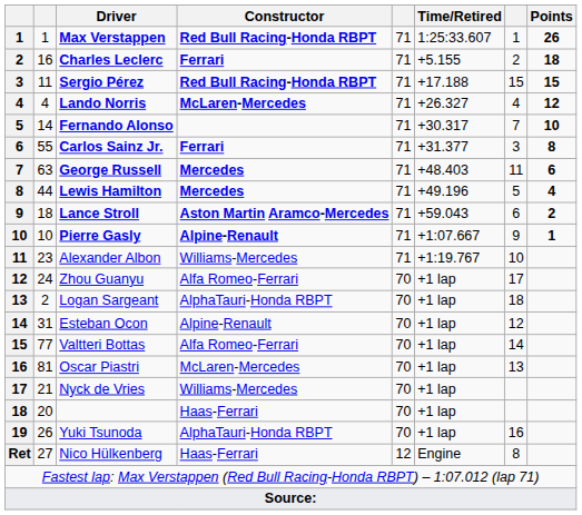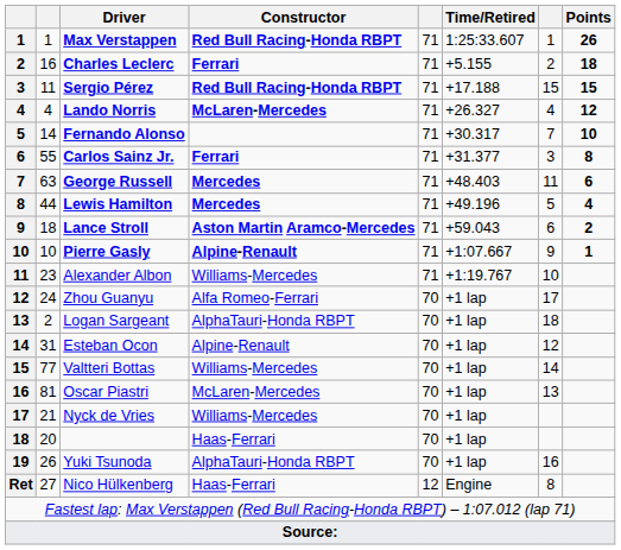 <table class="wikitable sortable" style="font-size: 85%;">
 <tr>
 <th scope="col"></th>
 <th scope="col"></th>
 <th scope="col">Driver</th>
 <th scope="col">Constructor</th>
 <th class="unsortable" scope="col"></th>
 <th class="unsortable" scope="col">Time/Retired</th>
 <th scope="col"></th>
 <th scope="col">Points</th>
 </tr>
 <tr>
 <th>1</th>
 <td align="center">1</td>
 <td data-sort-value="ver"><strong> <a href='#'>Max Verstappen</a></strong></td>
 <td><strong><a href='#'>Red Bull Racing</a>-<a href='#'>Honda RBPT</a></strong></td>
 <td>71</td>
 <td>1:25:33.607</td>
 <td align="center">1</td>
 <td align="center"><strong>26</strong></td>
 </tr>
 <tr>
 <th>2</th>
 <td align="center">16</td>
 <td data-sort-value="lec"><strong> <a href='#'>Charles Leclerc</a></strong></td>
 <td><strong><a href='#'>Ferrari</a></strong></td>
 <td>71</td>
 <td>+5.155</td>
 <td align="center">2</td>
 <td align="center"><strong>18</strong></td>
 </tr>
 <tr>
 <th>3</th>
 <td align="center">11</td>
 <td data-sort-value="per"><strong> <a href='#'>Sergio Pérez</a></strong></td>
 <td><strong><a href='#'>Red Bull Racing</a>-<a href='#'>Honda RBPT</a></strong></td>
 <td>71</td>
 <td>+17.188</td>
 <td align="center">15</td>
 <td align="center"><strong>15</strong></td>
 </tr>
 <tr>
 <th>4</th>
 <td align="center">4</td>
 <td data-sort-value="nor"><strong> <a href='#'>Lando Norris</a></strong></td>
 <td><strong><a href='#'>McLaren</a>-<a href='#'>Mercedes</a></strong></td>
 <td>71</td>
 <td>+26.327</td>
 <td align="center">4</td>
 <td align="center"><strong>12</strong></td>
 </tr>
 <tr>
 <th>5</th>
 <td align="center">14</td>
 <td data-sort-value="alo"><strong> <a href='#'>Fernando Alonso</a></strong></td>
 <td><strong></strong></td>
 <td>71</td>
 <td>+30.317</td>
 <td align="center">7</td>
 <td align="center"><strong>10</strong></td>
 </tr>
 <tr>
 <th>6</th>
 <td align="center">55</td>
 <td data-sort-value="sai"><strong> <a href='#'>Carlos Sainz Jr.</a></strong></td>
 <td><strong><a href='#'>Ferrari</a></strong></td>
 <td>71</td>
 <td>+31.377</td>
 <td align="center">3</td>
 <td align="center"><strong>8</strong></td>
 </tr>
 <tr>
 <th>7</th>
 <td align="center">63</td>
 <td data-sort-value="rus"><strong> <a href='#'>George Russell</a></strong></td>
 <td><strong><a href='#'>Mercedes</a></strong></td>
 <td>71</td>
 <td>+48.403</td>
 <td align="center">11</td>
 <td align="center"><strong>6</strong></td>
 </tr>
 <tr>
 <th>8</th>
 <td align="center">44</td>
 <td data-sort-value="ham"><strong> <a href='#'>Lewis Hamilton</a></strong></td>
 <td><strong><a href='#'>Mercedes</a></strong></td>
 <td>71</td>
 <td>+49.196</td>
 <td align="center">5</td>
 <td align="center"><strong>4</strong></td>
 </tr>
 <tr>
 <th>9</th>
 <td align="center">18</td>
 <td data-sort-value="str"><strong> <a href='#'>Lance Stroll</a></strong></td>
 <td><strong><a href='#'>Aston Martin</a> <a href='#'>Aramco</a>-<a href='#'>Mercedes</a></strong></td>
 <td>71</td>
 <td>+59.043</td>
 <td align="center">6</td>
 <td align="center"><strong>2</strong></td>
 </tr>
 <tr>
 <th>10</th>
 <td align="center">10</td>
 <td data-sort-value="gas"> <strong><a href='#'>Pierre Gasly</a></strong></td>
 <td><strong><a href='#'>Alpine</a>-<a href='#'>Renault</a></strong></td>
 <td>71</td>
 <td>+1:07.667</td>
 <td align="center">9</td>
 <td align="center"><strong>1</strong></td>
 </tr>
 <tr>
 <th>11</th>
 <td align="center">23</td>
 <td data-sort-value="alb"> <a href='#'>Alexander Albon</a></td>
 <td><a href='#'>Williams</a>-<a href='#'>Mercedes</a></td>
 <td>71</td>
 <td>+1:19.767</td>
 <td align="center">10</td>
 <td></td>
 </tr>
 <tr>
 <th>12</th>
 <td align="center">24</td>
 <td data-sort-value="zho"> <a href='#'>Zhou Guanyu</a></td>
 <td><a href='#'>Alfa Romeo</a>-<a href='#'>Ferrari</a></td>
 <td>70</td>
 <td>+1 lap</td>
 <td align="center">17</td>
 <td></td>
 </tr>
 <tr>
 <th>13</th>
 <td align="center">2</td>
 <td data-sort-value="sar"> <a href='#'>Logan Sargeant</a></td>
 <td><a href='#'>AlphaTauri</a>-<a href='#'>Honda RBPT</a></td>
 <td>70</td>
 <td>+1 lap</td>
 <td align="center">18</td>
 <td></td>
 </tr>
 <tr>
 <th>14</th>
 <td align="center">31</td>
 <td data-sort-value="oco"> <a href='#'>Esteban Ocon</a></td>
 <td><a href='#'>Alpine</a>-<a href='#'>Renault</a></td>
 <td>70</td>
 <td>+1 lap</td>
 <td align="center">12</td>
 <td></td>
 </tr>
 <tr>
 <th>15</th>
 <td align="center">77</td>
 <td data-sort-value="bot"> <a href='#'>Valtteri Bottas</a></td>
-<td><a href='#'>Alfa Romeo</a>-<a href='#'>Ferrari</a></td>
+<td><a href='#'>Williams</a>-<a href='#'>Mercedes</a></td>
 <td>70</td>
 <td>+1 lap</td>
 <td align="center">14</td>
 <td></td>
 </tr>
 <tr>
 <th>16</th>
 <td align="center">81</td>
 <td data-sort-value="pia"> <a href='#'>Oscar Piastri</a></td>
 <td><a href='#'>McLaren</a>-<a href='#'>Mercedes</a></td>
 <td>70</td>
 <td>+1 lap</td>
 <td align="center">13</td>
 <td></td>
 </tr>
 <tr>
 <th>17</th>
 <td align="center">21</td>
 <td data-sort-value="dev"> <a href='#'>Nyck de Vries</a></td>
 <td><a href='#'>Williams</a>-<a href='#'>Mercedes</a></td>
 <td>70</td>
 <td>+1 lap</td>
 <td align="center" data-sort-value="21"></td>
 <td></td>
 </tr>
 <tr>
 <th>18</th>
 <td align="center">20</td>
 <td data-sort-value="mag"></td>
 <td><a href='#'>Haas</a>-<a href='#'>Ferrari</a></td>
 <td>70</td>
 <td>+1 lap</td>
 <td align="center" data-sort-value="22"></td>
 <td></td>
 </tr>
 <tr>
 <th>19</th>
 <td align="center">26</td>
 <td data-sort-value="tsu"> <a href='#'>Yuki Tsunoda</a></td>
 <td><a href='#'>AlphaTauri</a>-<a href='#'>Honda RBPT</a></td>
 <td>70</td>
 <td>+1 lap</td>
 <td align="center">16</td>
 <td></td>
 </tr>
 <tr>
 <th>Ret</th>
 <td align="center">27</td>
 <td data-sort-value="hul"> <a href='#'>Nico Hülkenberg</a></td>
 <td><a href='#'>Haas</a>-<a href='#'>Ferrari</a></td>
 <td>12</td>
 <td>Engine</td>
 <td align="center">8</td>
 <td></td>
 </tr>
 <tr class="sortbottom">
 <td colspan="8" align="center"><em><a href='#'>Fastest lap</a>:</em>  <em><a href='#'>Max Verstappen</a> (<a href='#'>Red Bull Racing</a>-<a href='#'>Honda RBPT</a>) – 1:07.012 (lap 71)</em></td>
 </tr>
 <tr class="sortbottom">
 <td colspan="8" style="background-color:#eaecf0;text-align:center"><strong>Source:</strong></td>
 </tr>
 </table>
